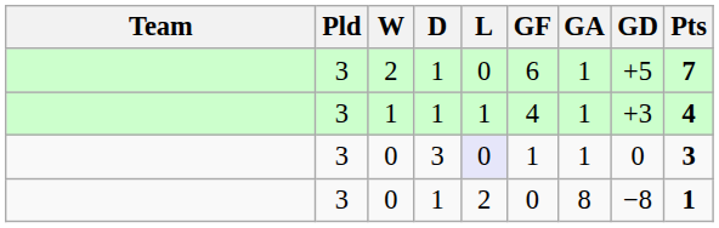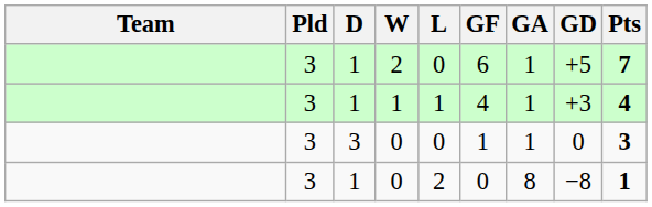 <table class="wikitable" style="text-align: center;">
 <tr>
 <th width=175>Team</th>
 <th width=20>Pld</th>
+<th width=20>D</th>
 <th width=20>W</th>
-<th width=20>D</th>
 <th width=20>L</th>
 <th width=20>GF</th>
 <th width=20>GA</th>
 <th width=20>GD</th>
 <th width=20>Pts</th>
 </tr>
 <tr bgcolor=ccffcc>
 <td align=left></td>
 <td>3</td>
+<td>1</td>
 <td>2</td>
-<td>1</td>
 <td>0</td>
 <td>6</td>
 <td>1</td>
 <td>+5</td>
 <td><strong>7</strong></td>
 </tr>
 <tr bgcolor=ccffcc>
 <td align=left></td>
 <td>3</td>
 <td>1</td>
 <td>1</td>
 <td>1</td>
 <td>4</td>
 <td>1</td>
 <td>+3</td>
 <td><strong>4</strong></td>
 </tr>
 <tr>
 <td align=left></td>
 <td>3</td>
+<td>3</td>
 <td>0</td>
-<td>3</td>
-<td style="background: lavender;">0</td>
+<td>0</td>
 <td>1</td>
 <td>1</td>
 <td>0</td>
 <td><strong>3</strong></td>
 </tr>
 <tr>
 <td align=left></td>
 <td>3</td>
+<td>1</td>
 <td>0</td>
-<td>1</td>
 <td>2</td>
 <td>0</td>
 <td>8</td>
 <td>−8</td>
 <td><strong>1</strong></td>
 </tr>
 </table>
